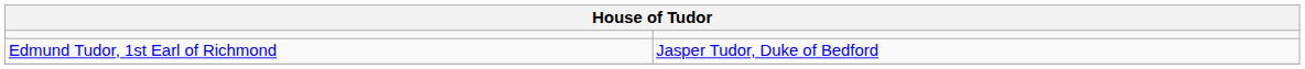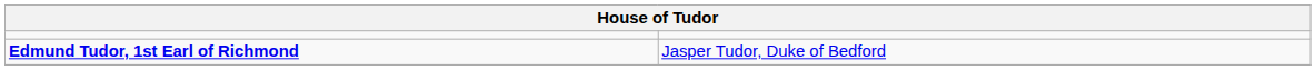 <table class="wikitable" width="100%">
 <tr>
 <th align=center colspan=4>House of Tudor</th>
 </tr>
 <tr>
 <td align=center width="50%"></td>
 <td align=center width="50%"></td>
 </tr>
 <tr>
-<td><a href='#'>Edmund Tudor, 1st Earl of Richmond</a></td>
+<td><strong><a href='#'>Edmund Tudor, 1st Earl of Richmond</a></strong></td>
 <td><a href='#'>Jasper Tudor, Duke of Bedford</a></td>
 </tr>
 <tr>
 </tr>
 </table>
